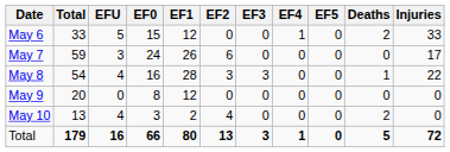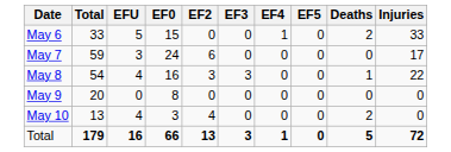 <table class="wikitable sortable" style="margin: 1em auto 1em auto;">
 <tr>
 <th scope="col">Date</th>
 <th scope="col" style="text-align:center;">Total</th>
 <th scope="col" style="text-align:center;"> EFU </th>
 <th scope="col" style="text-align:center;"> EF0 </th>
-<th scope="col" style="text-align:center;"> EF1 </th>
 <th scope="col" style="text-align:center;"> EF2 </th>
 <th scope="col" style="text-align:center;"> EF3 </th>
 <th scope="col" style="text-align:center;"> EF4 </th>
 <th scope="col" style="text-align:center;"> EF5 </th>
 <th scope="col" style="text-align:center;">Deaths</th>
 <th scope="col" style="text-align:center;">Injuries</th>
 </tr>
 <tr>
 <td><a href='#'>May 6</a></td>
 <td align="right">33</td>
 <td align="right">5</td>
 <td align="right">15</td>
-<td align="right">12</td>
 <td align="right">0</td>
 <td align="right">0</td>
 <td align="right">1</td>
 <td align="right">0</td>
 <td align="right">2</td>
 <td align="right">33</td>
 </tr>
 <tr>
 <td><a href='#'>May 7</a></td>
 <td align="right">59</td>
 <td align="right">3</td>
 <td align="right">24</td>
-<td align="right">26</td>
 <td align="right">6</td>
 <td align="right">0</td>
 <td align="right">0</td>
 <td align="right">0</td>
 <td align="right">0</td>
 <td align="right">17</td>
 </tr>
 <tr>
 <td><a href='#'>May 8</a></td>
 <td align="right">54</td>
 <td align="right">4</td>
 <td align="right">16</td>
-<td align="right">28</td>
 <td align="right">3</td>
 <td align="right">3</td>
 <td align="right">0</td>
 <td align="right">0</td>
 <td align="right">1</td>
 <td align="right">22</td>
 </tr>
 <tr>
 <td><a href='#'>May 9</a></td>
 <td align="right">20</td>
 <td align="right">0</td>
 <td align="right">8</td>
-<td align="right">12</td>
 <td align="right">0</td>
 <td align="right">0</td>
 <td align="right">0</td>
 <td align="right">0</td>
 <td align="right">0</td>
 <td align="right">0</td>
 </tr>
 <tr>
 <td><a href='#'>May 10</a></td>
 <td align="right">13</td>
 <td align="right">4</td>
 <td align="right">3</td>
-<td align="right">2</td>
 <td align="right">4</td>
 <td align="right">0</td>
 <td align="right">0</td>
 <td align="right">0</td>
 <td align="right">2</td>
 <td align="right">0</td>
 </tr>
 <tr class="sortbottom">
 <td>Total</td>
 <td align="right"><strong>179</strong></td>
 <td align="right"><strong>16</strong></td>
 <td align="right"><strong>66</strong></td>
-<td align="right"><strong>80</strong></td>
 <td align="right"><strong>13</strong></td>
 <td align="right"><strong>3</strong></td>
 <td align="right"><strong>1</strong></td>
 <td align="right"><strong>0</strong></td>
 <td style="text-align:right;"><strong>5</strong></td>
 <td style="text-align:right;"><strong>72</strong></td>
 </tr>
 </table>
